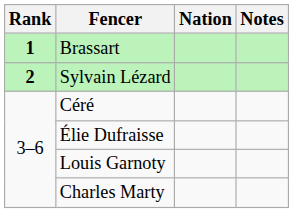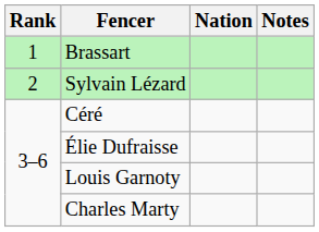 <table class="wikitable sortable" style="text-align:center">
 <tr>
 <th>Rank</th>
 <th>Fencer</th>
 <th>Nation</th>
 <th>Notes</th>
 </tr>
 <tr bgcolor=bbf3bb>
-<td><strong>1</strong></td>
+<td>1</td>
 <td align=left>Brassart</td>
 <td align=left></td>
 <td></td>
 </tr>
 <tr bgcolor=bbf3bb>
-<td><strong>2</strong></td>
+<td>2</td>
 <td align=left>Sylvain Lézard</td>
 <td align=left></td>
 <td></td>
 </tr>
 <tr>
 <td rowspan=4>3–6</td>
 <td align=left>Céré</td>
 <td align=left></td>
 <td></td>
 </tr>
 <tr>
 <td align=left>Élie Dufraisse</td>
 <td align=left></td>
 <td></td>
 </tr>
 <tr>
 <td align=left>Louis Garnoty</td>
 <td align=left></td>
 <td></td>
 </tr>
 <tr>
 <td align=left>Charles Marty</td>
 <td align=left></td>
 <td></td>
 </tr>
 </table>
